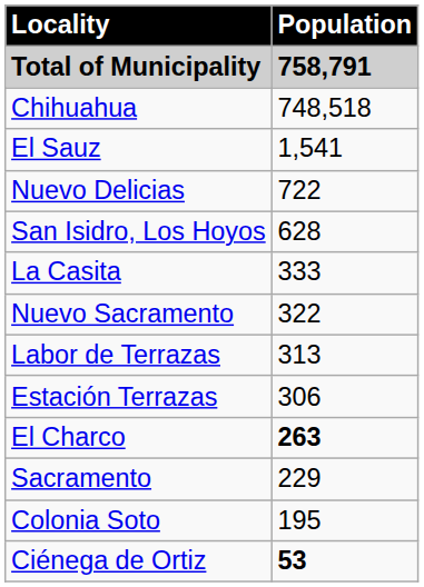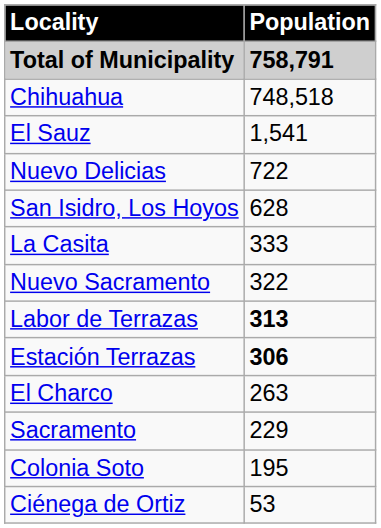 <table class="wikitable">
 <tr style="background:#000000; color:#FFFFFF;">
 <td><strong>Locality</strong></td>
 <td><strong>Population</strong></td>
 </tr>
 <tr style="background:#CFCFCF;">
 <td><strong>Total of Municipality</strong></td>
 <td><strong>758,791 </strong></td>
 </tr>
 <tr>
 <td><a href='#'>Chihuahua</a></td>
 <td>748,518</td>
 </tr>
 <tr>
 <td><a href='#'>El Sauz</a></td>
 <td>1,541</td>
 </tr>
 <tr>
 <td><a href='#'>Nuevo Delicias</a></td>
 <td>722</td>
 </tr>
 <tr>
 <td><a href='#'>San Isidro, Los Hoyos</a></td>
 <td>628</td>
 </tr>
 <tr>
 <td><a href='#'>La Casita</a></td>
 <td>333</td>
 </tr>
 <tr>
 <td><a href='#'>Nuevo Sacramento</a></td>
 <td>322</td>
 </tr>
 <tr>
 <td><a href='#'>Labor de Terrazas</a></td>
-<td>313</td>
+<td><strong>313</strong></td>
 </tr>
 <tr>
 <td><a href='#'>Estación Terrazas</a></td>
-<td>306</td>
+<td><strong>306</strong></td>
 </tr>
 <tr>
 <td><a href='#'>El Charco</a></td>
-<td><strong>263</strong></td>
+<td>263</td>
 </tr>
 <tr>
 <td><a href='#'>Sacramento</a></td>
 <td>229</td>
 </tr>
 <tr>
 <td><a href='#'>Colonia Soto</a></td>
 <td>195</td>
 </tr>
 <tr>
 <td><a href='#'>Ciénega de Ortiz</a></td>
-<td><strong>53</strong></td>
+<td>53</td>
 </tr>
 </table>
